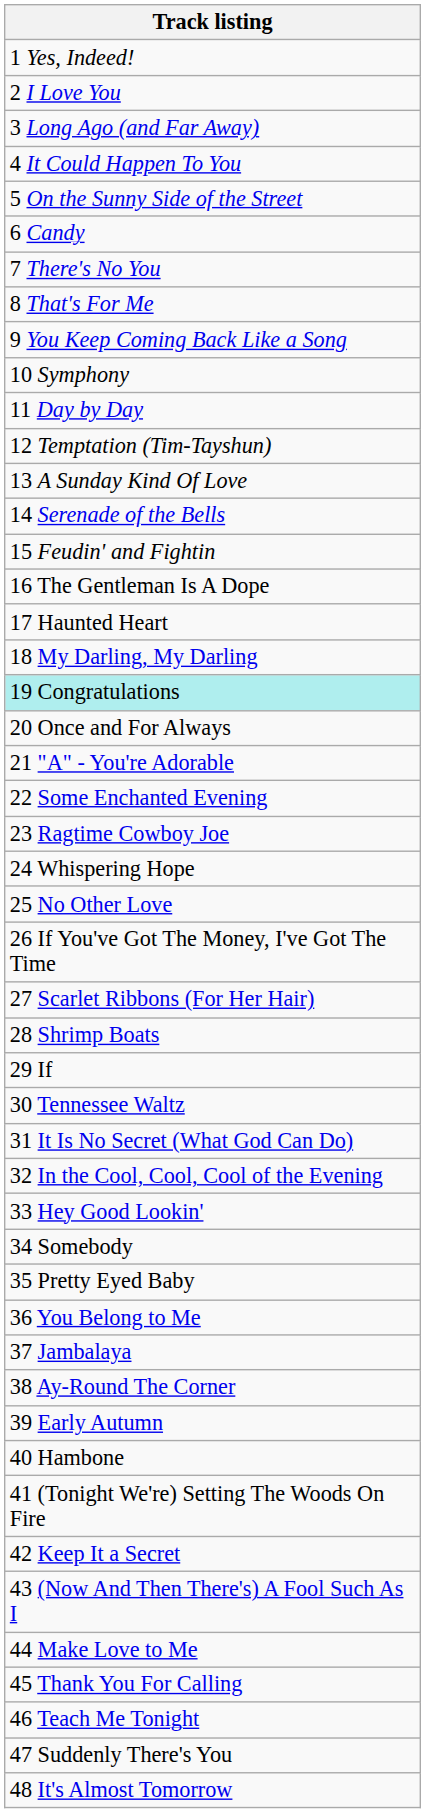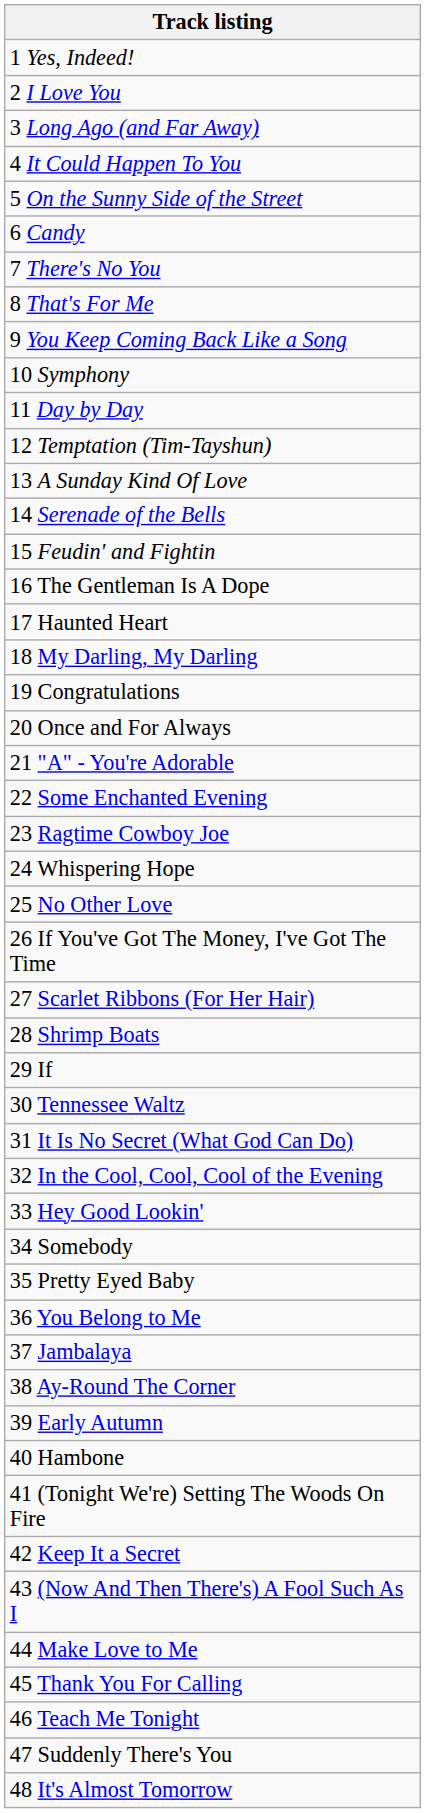 <table class="wikitable collapsible collapsed" style="width:300px;">
 <tr>
 <th>Track listing</th>
 </tr>
 <tr>
 <td>1 <em>Yes, Indeed!</em></td>
 </tr>
 <tr>
 <td>2 <em><a href='#'>I Love You</a></em></td>
 </tr>
 <tr>
 <td>3 <em><a href='#'>Long Ago (and Far Away)</a></em></td>
 </tr>
 <tr>
 <td>4 <em><a href='#'>It Could Happen To You</a></em></td>
 </tr>
 <tr>
 <td>5 <em><a href='#'>On the Sunny Side of the Street</a></em></td>
 </tr>
 <tr>
 <td>6 <em><a href='#'>Candy</a></em></td>
 </tr>
 <tr>
 <td>7 <em><a href='#'>There's No You</a></em></td>
 </tr>
 <tr>
 <td>8 <em><a href='#'>That's For Me</a></em></td>
 </tr>
 <tr>
 <td>9 <em><a href='#'>You Keep Coming Back Like a Song</a></em></td>
 </tr>
 <tr>
 <td>10 <em>Symphony</em></td>
 </tr>
 <tr>
 <td>11 <em><a href='#'>Day by Day</a></em></td>
 </tr>
 <tr>
 <td>12 <em>Temptation (Tim-Tayshun)</em></td>
 </tr>
 <tr>
 <td>13 <em>A Sunday Kind Of Love</em></td>
 </tr>
 <tr>
 <td>14 <em><a href='#'>Serenade of the Bells</a></em></td>
 </tr>
 <tr>
 <td>15 <em>Feudin' and Fightin<strong></td>
 </tr>
 <tr>
 <td>16 </em>The Gentleman Is A Dope<em></td>
 </tr>
 <tr>
 <td>17 </em>Haunted Heart<em></td>
 </tr>
 <tr>
 <td>18 </em><a href='#'>My Darling, My Darling</a><em></td>
 </tr>
 <tr>
-<td style="background: paleturquoise;">19 </em>Congratulations<em></td>
+<td>19 </em>Congratulations<em></td>
 </tr>
 <tr>
 <td>20 </em>Once and For Always<em></td>
 </tr>
 <tr>
 <td>21 </em><a href='#'>"A" - You're Adorable</a><em></td>
 </tr>
 <tr>
 <td>22 </em><a href='#'>Some Enchanted Evening</a><em></td>
 </tr>
 <tr>
 <td>23 </em><a href='#'>Ragtime Cowboy Joe</a><em></td>
 </tr>
 <tr>
 <td>24 </em>Whispering Hope<em></td>
 </tr>
 <tr>
 <td>25 </em><a href='#'>No Other Love</a><em></td>
 </tr>
 <tr>
 <td>26 </em>If You've Got The Money, I've Got The Time<em></td>
 </tr>
 <tr>
 <td>27 </em><a href='#'>Scarlet Ribbons (For Her Hair)</a><em></td>
 </tr>
 <tr>
 <td>28 </em><a href='#'>Shrimp Boats</a><em></td>
 </tr>
 <tr>
 <td>29 </em>If<em></td>
 </tr>
 <tr>
 <td>30 </em><a href='#'>Tennessee Waltz</a><em></td>
 </tr>
 <tr>
 <td>31 </em><a href='#'>It Is No Secret (What God Can Do)</a><em></td>
 </tr>
 <tr>
 <td>32 </em><a href='#'>In the Cool, Cool, Cool of the Evening</a><em></td>
 </tr>
 <tr>
 <td>33 </em><a href='#'>Hey Good Lookin'</a><em></td>
 </tr>
 <tr>
 <td>34 </em>Somebody<em></td>
 </tr>
 <tr>
 <td>35 </em>Pretty Eyed Baby<em></td>
 </tr>
 <tr>
 <td>36 </em><a href='#'>You Belong to Me</a><em></td>
 </tr>
 <tr>
 <td>37 </em><a href='#'>Jambalaya</a><em></td>
 </tr>
 <tr>
 <td>38 </em><a href='#'>Ay-Round The Corner</a><em></td>
 </tr>
 <tr>
 <td>39 </em><a href='#'>Early Autumn</a><em></td>
 </tr>
 <tr>
 <td>40 </em>Hambone<em></td>
 </tr>
 <tr>
 <td>41 </em>(Tonight We're) Setting The Woods On Fire<em></td>
 </tr>
 <tr>
 <td>42 </em><a href='#'>Keep It a Secret</a><em></td>
 </tr>
 <tr>
 <td>43 </em><a href='#'>(Now And Then There's) A Fool Such As I</a><em></td>
 </tr>
 <tr>
 <td>44 </em><a href='#'>Make Love to Me</a><em></td>
 </tr>
 <tr>
 <td>45 </em><a href='#'>Thank You For Calling</a><em></td>
 </tr>
 <tr>
 <td>46 </em><a href='#'>Teach Me Tonight</a><em></td>
 </tr>
 <tr>
 <td>47 </em>Suddenly There's You<em></td>
 </tr>
 <tr>
 <td>48 </em><a href='#'>It's Almost Tomorrow</a><em></td>
 </tr>
 </table>
